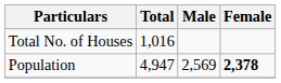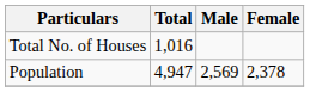 <table class="wikitable sortable">
 <tr>
 <th>Particulars</th>
 <th>Total</th>
 <th>Male</th>
 <th>Female</th>
 </tr>
 <tr>
 <td>Total No. of Houses</td>
 <td>1,016</td>
 <td></td>
 <td></td>
 </tr>
 <tr>
 <td>Population</td>
 <td>4,947</td>
 <td>2,569</td>
-<td><strong>2,378</strong></td>
+<td>2,378</td>
 </tr>
 <tr>
 </tr>
 </table>
